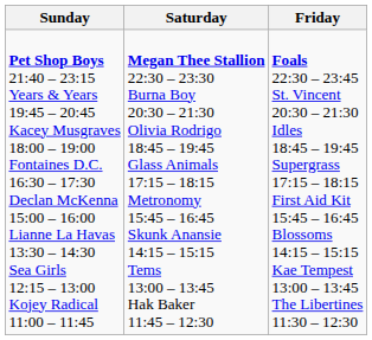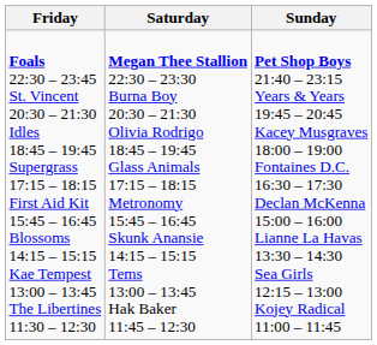 <table class="wikitable">
 <tr>
+<th>Friday</th>
+<th>Saturday</th>
 <th>Sunday</th>
-<th>Saturday</th>
-<th>Friday</th>
 </tr>
 <tr valign="top">
+<td><br><strong><a href='#'>Foals</a></strong> <br>22:30 – 23:45 <br><a href='#'>St. Vincent</a> <br>20:30 – 21:30 <br><a href='#'>Idles</a> <br>18:45 – 19:45 <br><a href='#'>Supergrass</a> <br>17:15 – 18:15 <br><a href='#'>First Aid Kit</a> <br>15:45 – 16:45 <br><a href='#'>Blossoms</a> <br>14:15 – 15:15 <br><a href='#'>Kae Tempest</a> <br>13:00 – 13:45 <br><a href='#'>The Libertines</a> <br>11:30 – 12:30</td>
+<td><br><strong><a href='#'>Megan Thee Stallion</a></strong> <br>22:30 – 23:30 <br><a href='#'>Burna Boy</a> <br>20:30 – 21:30 <br><a href='#'>Olivia Rodrigo</a> <br>18:45 – 19:45 <br><a href='#'>Glass Animals</a> <br>17:15 – 18:15 <br><a href='#'>Metronomy</a> <br>15:45 – 16:45 <br><a href='#'>Skunk Anansie</a> <br>14:15 – 15:15 <br><a href='#'>Tems</a> <br>13:00 – 13:45 <br>Hak Baker <br>11:45 – 12:30</td>
 <td><br><strong><a href='#'>Pet Shop Boys</a></strong> <br>21:40 – 23:15 <br><a href='#'>Years & Years</a> <br>19:45 – 20:45 <br><a href='#'>Kacey Musgraves</a> <br>18:00 – 19:00 <br><a href='#'>Fontaines D.C.</a> <br>16:30 – 17:30 <br><a href='#'>Declan McKenna</a> <br>15:00 – 16:00 <br><a href='#'>Lianne La Havas</a> <br>13:30 – 14:30 <br><a href='#'>Sea Girls</a> <br>12:15 – 13:00 <br><a href='#'>Kojey Radical</a> <br>11:00 – 11:45</td>
-<td><br><strong><a href='#'>Megan Thee Stallion</a></strong> <br>22:30 – 23:30 <br><a href='#'>Burna Boy</a> <br>20:30 – 21:30 <br><a href='#'>Olivia Rodrigo</a> <br>18:45 – 19:45 <br><a href='#'>Glass Animals</a> <br>17:15 – 18:15 <br><a href='#'>Metronomy</a> <br>15:45 – 16:45 <br><a href='#'>Skunk Anansie</a> <br>14:15 – 15:15 <br><a href='#'>Tems</a> <br>13:00 – 13:45 <br>Hak Baker <br>11:45 – 12:30</td>
-<td><br><strong><a href='#'>Foals</a></strong> <br>22:30 – 23:45 <br><a href='#'>St. Vincent</a> <br>20:30 – 21:30 <br><a href='#'>Idles</a> <br>18:45 – 19:45 <br><a href='#'>Supergrass</a> <br>17:15 – 18:15 <br><a href='#'>First Aid Kit</a> <br>15:45 – 16:45 <br><a href='#'>Blossoms</a> <br>14:15 – 15:15 <br><a href='#'>Kae Tempest</a> <br>13:00 – 13:45 <br><a href='#'>The Libertines</a> <br>11:30 – 12:30</td>
 </tr>
 </table>
